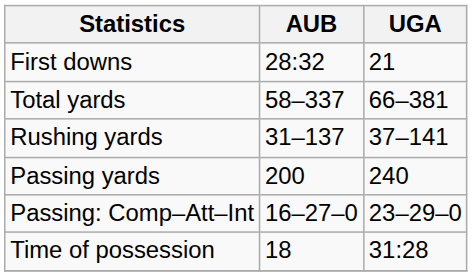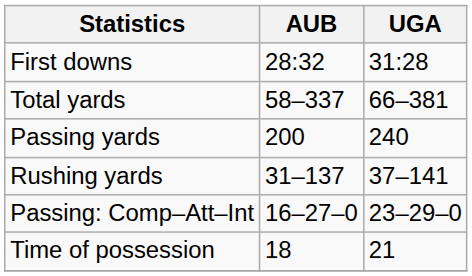 <table class="wikitable" style="float: left;">
 <tr>
 <th>Statistics</th>
 <th>AUB</th>
 <th>UGA</th>
 </tr>
 <tr>
 <td>First downs</td>
 <td>28:32</td>
-<td>21</td>
+<td>31:28</td>
 </tr>
 <tr>
 <td>Total yards</td>
 <td>58–337</td>
 <td>66–381</td>
 </tr>
 <tr>
+<td>Passing yards</td>
+<td>200</td>
+<td>240</td>
+</tr>
+<tr>
 <td>Rushing yards</td>
 <td>31–137</td>
 <td>37–141</td>
-</tr>
-<tr>
-<td>Passing yards</td>
-<td>200</td>
-<td>240</td>
 </tr>
 <tr>
 <td>Passing: Comp–Att–Int</td>
 <td>16–27–0</td>
 <td>23–29–0</td>
 </tr>
 <tr>
 <td>Time of possession</td>
 <td>18</td>
-<td>31:28</td>
+<td>21</td>
 </tr>
 <tr>
 </tr>
 </table>
